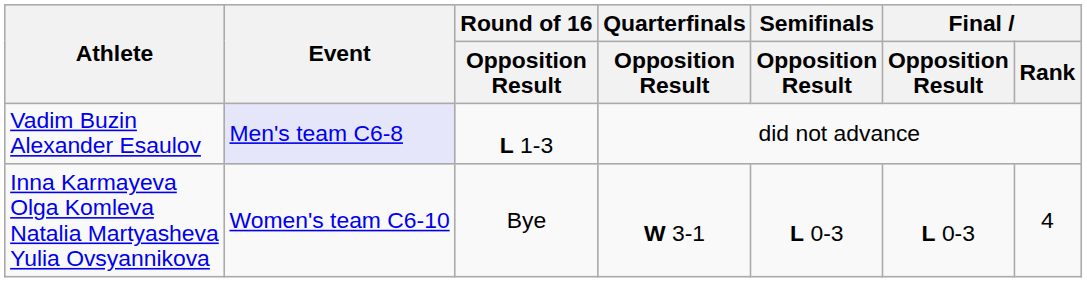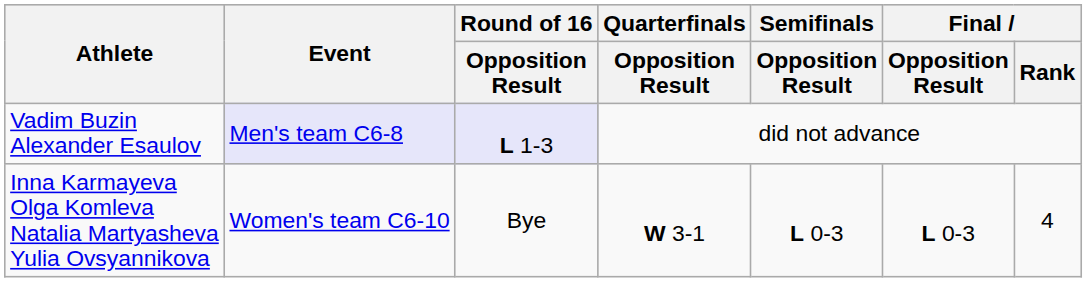 <table class=wikitable style="font-size:90%">
 <tr>
 <th rowspan="2">Athlete</th>
 <th rowspan="2">Event</th>
 <th>Round of 16</th>
 <th>Quarterfinals</th>
 <th>Semifinals</th>
 <th colspan="2">Final / </th>
 </tr>
 <tr>
 <th>Opposition<br>Result</th>
 <th>Opposition<br>Result</th>
 <th>Opposition<br>Result</th>
 <th>Opposition<br>Result</th>
 <th>Rank</th>
 </tr>
 <tr>
 <td><a href='#'>Vadim Buzin</a><br> <a href='#'>Alexander Esaulov</a></td>
 <td style="background: lavender;"><a href='#'>Men's team C6-8</a></td>
-<td align="center"><br><strong>L</strong> 1-3</td>
+<td align="center" style="background: lavender;"><br><strong>L</strong> 1-3</td>
 <td align="center" colspan="4">did not advance</td>
 </tr>
 <tr>
 <td><a href='#'>Inna Karmayeva</a><br> <a href='#'>Olga Komleva</a><br> <a href='#'>Natalia Martyasheva</a><br> <a href='#'>Yulia Ovsyannikova</a></td>
 <td><a href='#'>Women's team C6-10</a></td>
 <td align="center">Bye</td>
 <td align="center"><br><strong>W</strong> 3-1</td>
 <td align="center"><br><strong>L</strong> 0-3</td>
 <td align="center"><br><strong>L</strong> 0-3</td>
 <td align="center">4</td>
 </tr>
 </table>
